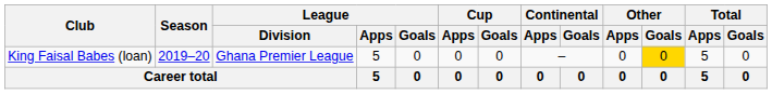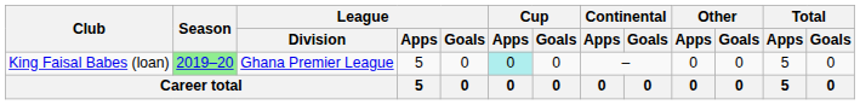 <table class="wikitable" style="text-align: center">
 <tr>
 <th rowspan="2">Club</th>
 <th rowspan="2">Season</th>
 <th colspan="3">League</th>
 <th colspan="2">Cup</th>
 <th colspan="2">Continental</th>
 <th colspan="2">Other</th>
 <th colspan="2">Total</th>
 </tr>
 <tr>
 <th>Division</th>
 <th>Apps</th>
 <th>Goals</th>
 <th>Apps</th>
 <th>Goals</th>
 <th>Apps</th>
 <th>Goals</th>
 <th>Apps</th>
 <th>Goals</th>
 <th>Apps</th>
 <th>Goals</th>
 </tr>
 <tr>
 <td><a href='#'>King Faisal Babes</a> (loan)</td>
-<td><a href='#'>2019–20</a></td>
+<td style="background: lightgreen;"><a href='#'>2019–20</a></td>
 <td><a href='#'>Ghana Premier League</a></td>
 <td>5</td>
 <td>0</td>
-<td>0</td>
+<td style="background: paleturquoise;">0</td>
 <td>0</td>
 <td colspan="2">–</td>
 <td>0</td>
-<td style="background: gold;">0</td>
+<td>0</td>
 <td>5</td>
 <td>0</td>
 </tr>
 <tr>
 <th colspan="3"><strong>Career total</strong></th>
 <th>5</th>
 <th>0</th>
 <th>0</th>
 <th>0</th>
 <th>0</th>
 <th>0</th>
 <th>0</th>
 <th>0</th>
 <th>5</th>
 <th>0</th>
 </tr>
 </table>
